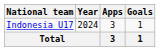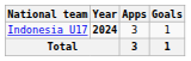 <table class="wikitable" style="text-align:center">
 <tr>
 <th>National team</th>
 <th>Year</th>
 <th>Apps</th>
 <th>Goals</th>
 </tr>
 <tr>
 <td rowspan="1"><a href='#'>Indonesia U17</a></td>
-<td>2024</td>
+<td><strong>2024</strong></td>
 <td>3</td>
 <td>1</td>
 </tr>
 <tr>
 <th colspan="2">Total</th>
 <th>3</th>
 <th>1</th>
 </tr>
 </table>
